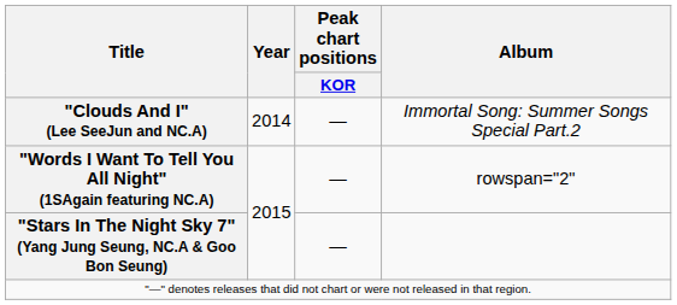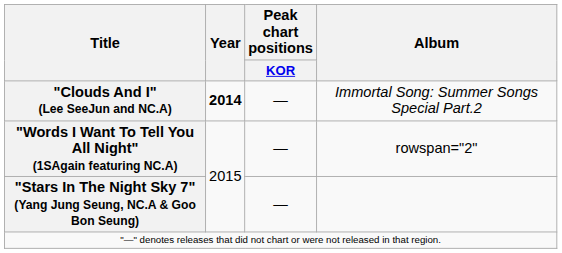 <table class="wikitable plainrowheaders" style="text-align:center;">
 <tr>
 <th scope="col" rowspan="2">Title</th>
 <th scope="col" rowspan="2">Year</th>
 <th scope="col">Peak chart positions</th>
 <th scope="col" rowspan="2">Album</th>
 </tr>
 <tr>
 <th scope="col" style="width:3em;font-size:90%;"><a href='#'>KOR</a><br></th>
 </tr>
 <tr>
 <th scope="row">"Clouds And I"<br><small>(Lee SeeJun and NC.A)</small></th>
-<td>2014</td>
+<td><strong>2014</strong></td>
 <td>—</td>
 <td><em>Immortal Song: Summer Songs Special Part.2</em></td>
 </tr>
 <tr>
 <th scope="row">"Words I Want To Tell You All Night"<br><small>(1SAgain featuring NC.A)</small></th>
 <td rowspan="2">2015</td>
 <td>—</td>
 <td>rowspan="2" </td>
 </tr>
 <tr>
 <th scope="row">"Stars In The Night Sky 7"<br><small>(Yang Jung Seung, NC.A & Goo Bon Seung)</small></th>
 <td>—</td>
 </tr>
 <tr>
 <td colspan="5" style="font-size:8pt;">"—" denotes releases that did not chart or were not released in that region.</td>
 </tr>
 </table>
